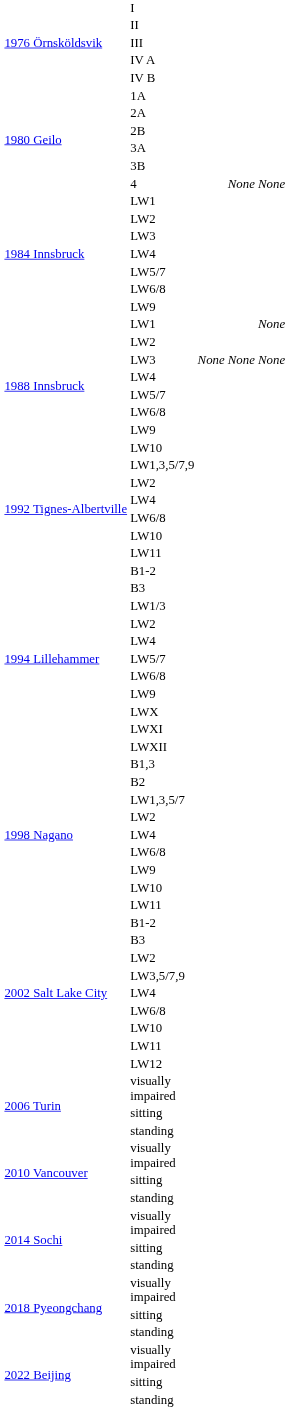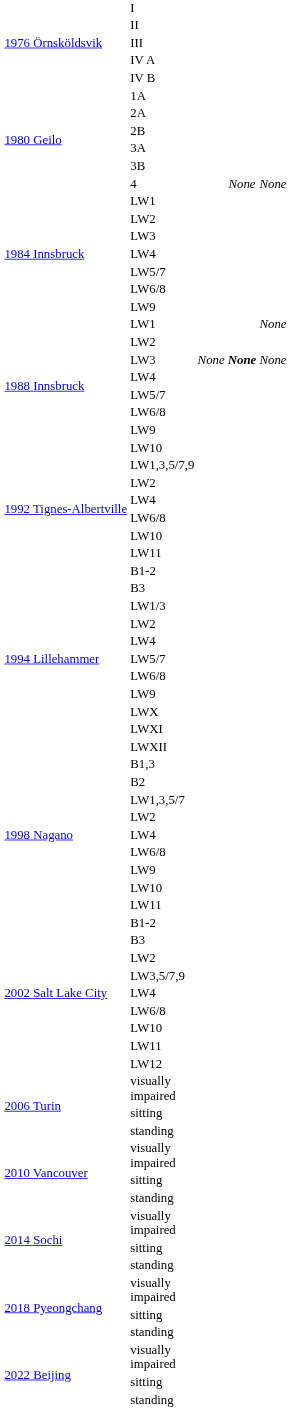 <table>
 <tr>
 <td rowspan="5"><a href='#'>1976 Örnsköldsvik</a><br></td>
 <td>I</td>
 <td></td>
 <td></td>
 <td></td>
 </tr>
 <tr>
 <td>II</td>
 <td></td>
 <td></td>
 <td></td>
 </tr>
 <tr>
 <td>III</td>
 <td></td>
 <td></td>
 <td></td>
 </tr>
 <tr>
 <td>IV A</td>
 <td></td>
 <td></td>
 <td></td>
 </tr>
 <tr>
 <td>IV B</td>
 <td></td>
 <td></td>
 <td></td>
 </tr>
 <tr>
 <td rowspan="6"><a href='#'>1980 Geilo</a><br></td>
 <td>1A</td>
 <td></td>
 <td></td>
 <td></td>
 </tr>
 <tr>
 <td>2A</td>
 <td></td>
 <td></td>
 <td></td>
 </tr>
 <tr>
 <td>2B</td>
 <td></td>
 <td></td>
 <td></td>
 </tr>
 <tr>
 <td>3A</td>
 <td></td>
 <td></td>
 <td></td>
 </tr>
 <tr>
 <td>3B</td>
 <td></td>
 <td></td>
 <td></td>
 </tr>
 <tr>
 <td>4</td>
 <td></td>
 <td align="center"><em>None</em></td>
 <td align="center"><em>None</em></td>
 </tr>
 <tr>
 <td rowspan="7"><a href='#'>1984 Innsbruck</a><br></td>
 <td>LW1</td>
 <td></td>
 <td></td>
 <td></td>
 </tr>
 <tr>
 <td>LW2</td>
 <td></td>
 <td></td>
 <td></td>
 </tr>
 <tr>
 <td>LW3</td>
 <td></td>
 <td></td>
 <td></td>
 </tr>
 <tr>
 <td>LW4</td>
 <td></td>
 <td></td>
 <td></td>
 </tr>
 <tr>
 <td>LW5/7</td>
 <td></td>
 <td></td>
 <td></td>
 </tr>
 <tr>
 <td>LW6/8</td>
 <td></td>
 <td></td>
 <td></td>
 </tr>
 <tr>
 <td>LW9</td>
 <td></td>
 <td></td>
 <td></td>
 </tr>
 <tr>
 <td rowspan="8"><a href='#'>1988 Innsbruck</a><br></td>
 <td>LW1</td>
 <td></td>
 <td></td>
 <td align="center"><em>None</em></td>
 </tr>
 <tr>
 <td>LW2</td>
 <td></td>
 <td></td>
 <td></td>
 </tr>
 <tr>
 <td>LW3</td>
 <td align="center"><em>None</em></td>
-<td align="center"><em>None</em></td>
+<td align="center"><strong><em>None</em></strong></td>
 <td align="center"><em>None</em></td>
 </tr>
 <tr>
 <td>LW4</td>
 <td></td>
 <td></td>
 <td></td>
 </tr>
 <tr>
 <td>LW5/7</td>
 <td></td>
 <td></td>
 <td></td>
 </tr>
 <tr>
 <td>LW6/8</td>
 <td></td>
 <td></td>
 <td></td>
 </tr>
 <tr>
 <td>LW9</td>
 <td></td>
 <td></td>
 <td></td>
 </tr>
 <tr>
 <td>LW10</td>
 <td></td>
 <td></td>
 <td></td>
 </tr>
 <tr>
 <td rowspan="6"><a href='#'>1992 Tignes-Albertville</a><br></td>
 <td>LW1,3,5/7,9</td>
 <td></td>
 <td></td>
 <td></td>
 </tr>
 <tr>
 <td>LW2</td>
 <td></td>
 <td></td>
 <td></td>
 </tr>
 <tr>
 <td>LW4</td>
 <td></td>
 <td></td>
 <td></td>
 </tr>
 <tr>
 <td>LW6/8</td>
 <td></td>
 <td></td>
 <td></td>
 </tr>
 <tr>
 <td>LW10</td>
 <td></td>
 <td></td>
 <td></td>
 </tr>
 <tr>
 <td>LW11</td>
 <td></td>
 <td></td>
 <td></td>
 </tr>
 <tr>
 <td rowspan="12"><a href='#'>1994 Lillehammer</a><br></td>
 <td>B1-2</td>
 <td></td>
 <td></td>
 <td></td>
 </tr>
 <tr>
 <td>B3</td>
 <td></td>
 <td></td>
 <td></td>
 </tr>
 <tr>
 <td>LW1/3</td>
 <td></td>
 <td></td>
 <td></td>
 </tr>
 <tr>
 <td>LW2</td>
 <td></td>
 <td></td>
 <td></td>
 </tr>
 <tr>
 <td rowspan="2">LW4</td>
 <td rowspan="2"></td>
 <td></td>
 <td rowspan="2"></td>
 </tr>
 <tr>
 <td></td>
 </tr>
 <tr>
 <td>LW5/7</td>
 <td></td>
 <td></td>
 <td></td>
 </tr>
 <tr>
 <td>LW6/8</td>
 <td></td>
 <td></td>
 <td></td>
 </tr>
 <tr>
 <td>LW9</td>
 <td></td>
 <td></td>
 <td></td>
 </tr>
 <tr>
 <td>LWX</td>
 <td></td>
 <td></td>
 <td></td>
 </tr>
 <tr>
 <td>LWXI</td>
 <td></td>
 <td></td>
 <td></td>
 </tr>
 <tr>
 <td>LWXII</td>
 <td></td>
 <td></td>
 <td></td>
 </tr>
 <tr>
 <td rowspan="9"><a href='#'>1998 Nagano</a><br></td>
 <td>B1,3</td>
 <td></td>
 <td></td>
 <td></td>
 </tr>
 <tr>
 <td>B2</td>
 <td></td>
 <td></td>
 <td></td>
 </tr>
 <tr>
 <td>LW1,3,5/7</td>
 <td></td>
 <td></td>
 <td></td>
 </tr>
 <tr>
 <td>LW2</td>
 <td></td>
 <td></td>
 <td></td>
 </tr>
 <tr>
 <td>LW4</td>
 <td></td>
 <td></td>
 <td></td>
 </tr>
 <tr>
 <td>LW6/8</td>
 <td></td>
 <td></td>
 <td></td>
 </tr>
 <tr>
 <td>LW9</td>
 <td></td>
 <td></td>
 <td></td>
 </tr>
 <tr>
 <td>LW10</td>
 <td></td>
 <td></td>
 <td></td>
 </tr>
 <tr>
 <td>LW11</td>
 <td></td>
 <td></td>
 <td></td>
 </tr>
 <tr>
 <td rowspan="9"><a href='#'>2002 Salt Lake City</a><br></td>
 <td>B1-2</td>
 <td></td>
 <td></td>
 <td></td>
 </tr>
 <tr>
 <td>B3</td>
 <td></td>
 <td></td>
 <td></td>
 </tr>
 <tr>
 <td>LW2</td>
 <td></td>
 <td></td>
 <td></td>
 </tr>
 <tr>
 <td>LW3,5/7,9</td>
 <td></td>
 <td></td>
 <td></td>
 </tr>
 <tr>
 <td>LW4</td>
 <td></td>
 <td></td>
 <td></td>
 </tr>
 <tr>
 <td>LW6/8</td>
 <td></td>
 <td></td>
 <td></td>
 </tr>
 <tr>
 <td>LW10</td>
 <td></td>
 <td></td>
 <td></td>
 </tr>
 <tr>
 <td>LW11</td>
 <td></td>
 <td></td>
 <td></td>
 </tr>
 <tr>
 <td>LW12</td>
 <td></td>
 <td></td>
 <td></td>
 </tr>
 <tr>
 <td rowspan="3"><a href='#'>2006 Turin</a><br></td>
 <td>visually <br>impaired</td>
 <td></td>
 <td></td>
 <td></td>
 </tr>
 <tr>
 <td>sitting</td>
 <td></td>
 <td></td>
 <td></td>
 </tr>
 <tr>
 <td>standing</td>
 <td></td>
 <td></td>
 <td></td>
 </tr>
 <tr>
 <td rowspan="3"><a href='#'>2010 Vancouver</a><br></td>
 <td>visually <br>impaired</td>
 <td></td>
 <td></td>
 <td></td>
 </tr>
 <tr>
 <td>sitting</td>
 <td></td>
 <td></td>
 <td></td>
 </tr>
 <tr>
 <td>standing</td>
 <td></td>
 <td></td>
 <td></td>
 </tr>
 <tr>
 <td rowspan="3"><a href='#'>2014 Sochi</a><br></td>
 <td>visually <br>impaired</td>
 <td></td>
 <td></td>
 <td></td>
 </tr>
 <tr>
 <td>sitting</td>
 <td></td>
 <td></td>
 <td></td>
 </tr>
 <tr>
 <td>standing</td>
 <td></td>
 <td></td>
 <td></td>
 </tr>
 <tr>
 <td rowspan="3"><a href='#'>2018 Pyeongchang</a><br></td>
 <td>visually <br>impaired</td>
 <td></td>
 <td></td>
 <td></td>
 </tr>
 <tr>
 <td>sitting</td>
 <td></td>
 <td></td>
 <td></td>
 </tr>
 <tr>
 <td>standing</td>
 <td></td>
 <td></td>
 <td></td>
 </tr>
 <tr>
 <td rowspan="3"><a href='#'>2022 Beijing</a><br></td>
 <td>visually <br>impaired</td>
 <td></td>
 <td></td>
 <td></td>
 </tr>
 <tr>
 <td>sitting</td>
 <td></td>
 <td></td>
 <td></td>
 </tr>
 <tr>
 <td>standing</td>
 <td></td>
 <td></td>
 <td></td>
 </tr>
 </table>
